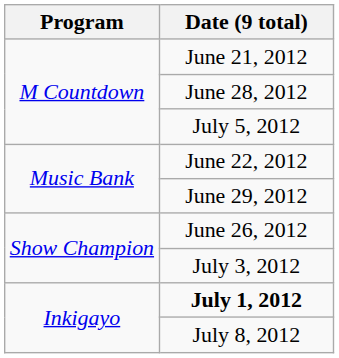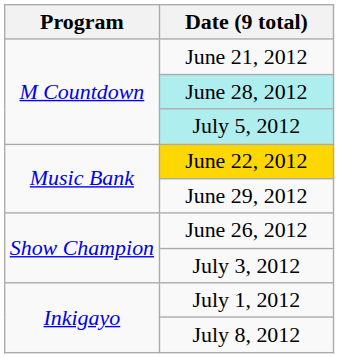 <table class="wikitable sortable" style="text-align:center">
 <tr>
 <th>Program</th>
 <th width="120">Date (9 total)</th>
 </tr>
 <tr>
 <td rowspan="3"><em><a href='#'>M Countdown</a></em></td>
 <td>June 21, 2012</td>
 </tr>
 <tr>
-<td>June 28, 2012</td>
+<td style="background: paleturquoise;">June 28, 2012</td>
 </tr>
 <tr>
-<td>July 5, 2012</td>
+<td style="background: paleturquoise;">July 5, 2012</td>
 </tr>
 <tr>
 <td rowspan="2"><a href='#'><em>Music Bank</em></a></td>
-<td>June 22, 2012</td>
+<td style="background: gold;">June 22, 2012</td>
 </tr>
 <tr>
 <td>June 29, 2012</td>
 </tr>
 <tr>
 <td rowspan="2"><em><a href='#'>Show Champion</a></em></td>
 <td>June 26, 2012</td>
 </tr>
 <tr>
 <td>July 3, 2012</td>
 </tr>
 <tr>
 <td rowspan="2"><em><a href='#'>Inkigayo</a></em></td>
-<td><strong>July 1, 2012</strong></td>
+<td>July 1, 2012</td>
 </tr>
 <tr>
 <td>July 8, 2012</td>
 </tr>
 </table>
